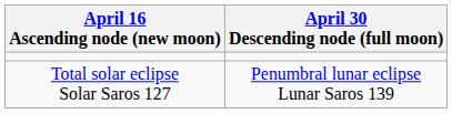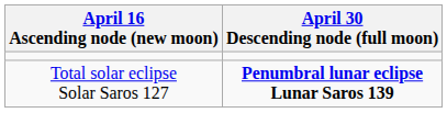 <table class="wikitable">
 <tr>
 <th><a href='#'>April 16</a><br>Ascending node (new moon)<br></th>
 <th><a href='#'>April 30</a><br>Descending node (full moon)<br></th>
 </tr>
 <tr>
 <td></td>
 <td></td>
 </tr>
 <tr align=center>
 <td><a href='#'>Total solar eclipse</a><br>Solar Saros 127</td>
-<td><a href='#'>Penumbral lunar eclipse</a><br>Lunar Saros 139</td>
+<td><strong><a href='#'>Penumbral lunar eclipse</a><br>Lunar Saros 139</strong></td>
 </tr>
 </table>
